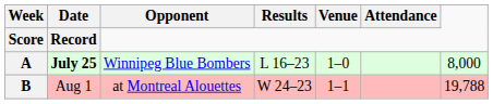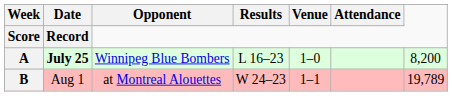 <table class="wikitable" style="text-align:center">
 <tr>
 <th>Week</th>
 <th>Date</th>
 <th>Opponent</th>
 <th>Results</th>
 <th>Venue</th>
 <th>Attendance</th>
 </tr>
 <tr>
 <th>Score</th>
 <th>Record</th>
 </tr>
 <tr style="background:#ddffdd">
 <th>A</th>
 <td><strong>July 25</strong></td>
 <td><a href='#'>Winnipeg Blue Bombers</a></td>
 <td>L 16–23</td>
 <td>1–0</td>
 <td></td>
-<td>8,000</td>
+<td>8,200</td>
 </tr>
 <tr style="background:#ffbbbb">
 <th>B</th>
 <td>Aug 1</td>
 <td>at <a href='#'>Montreal Alouettes</a></td>
 <td>W 24–23</td>
 <td>1–1</td>
 <td></td>
-<td>19,788</td>
+<td>19,789</td>
 </tr>
 </table>
